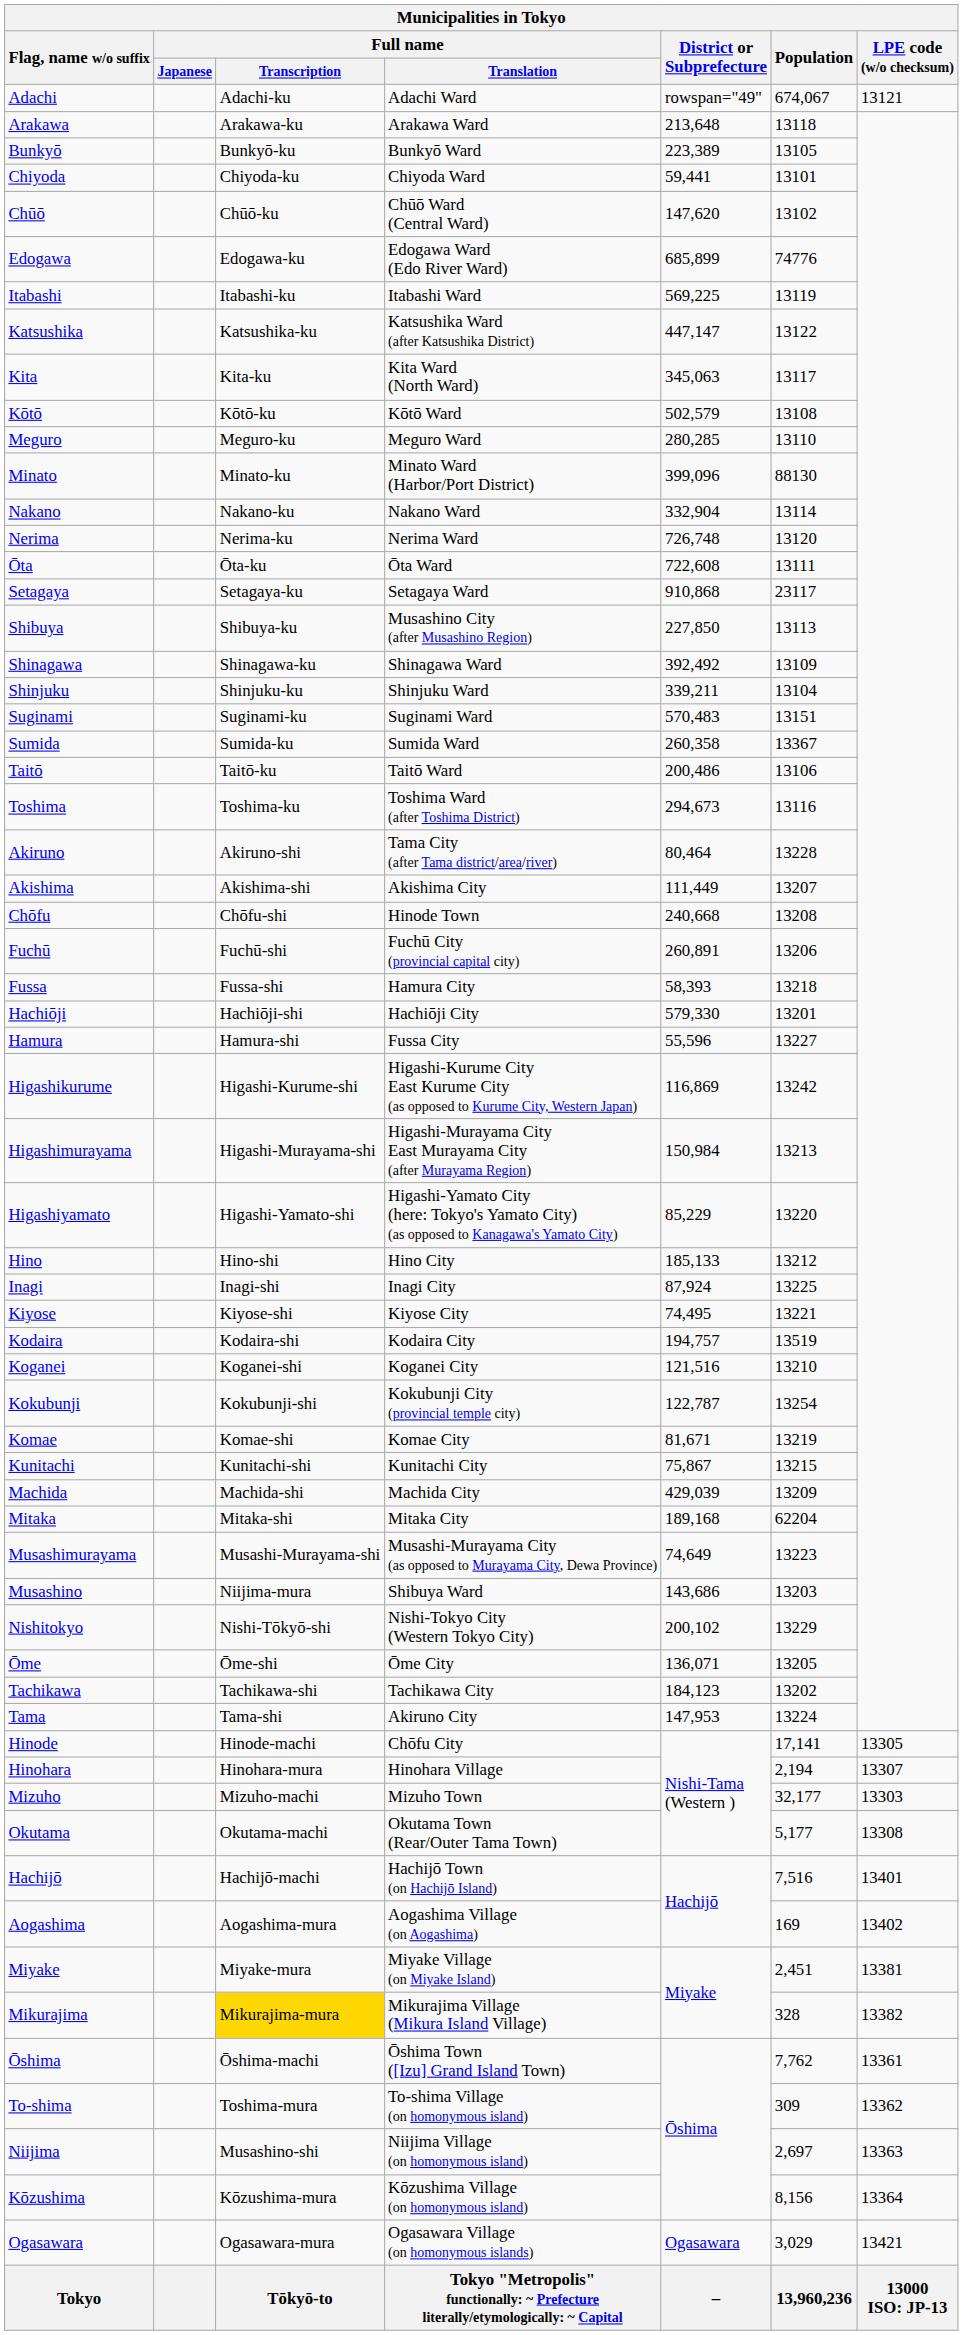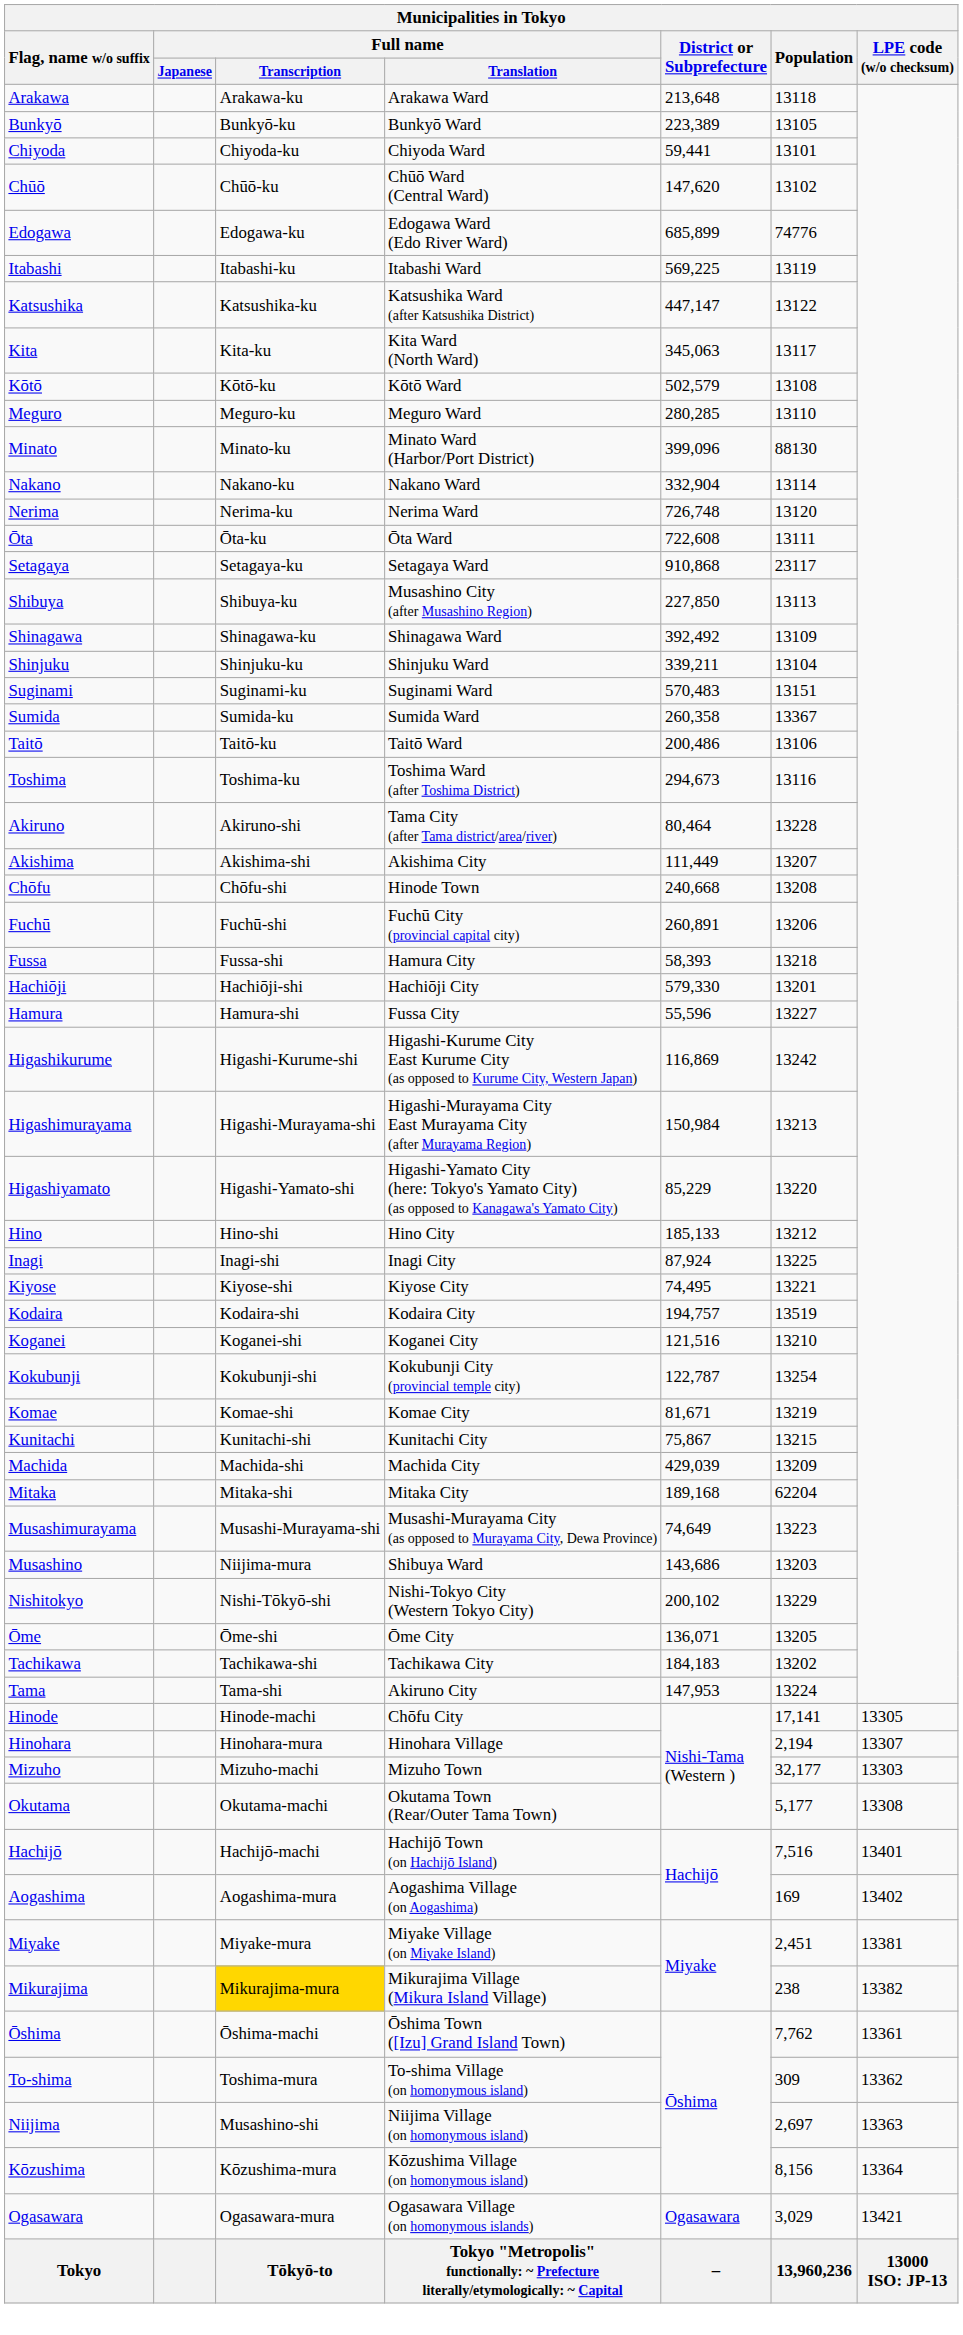 <table class="wikitable sortable mw-collapsible mw-collapsed">
 <tr>
 <th colspan="7">Municipalities in Tokyo</th>
 </tr>
 <tr>
 <th rowspan="2">Flag, name <small>w/o suffix</small></th>
 <th colspan="3">Full name</th>
 <th rowspan="2"><a href='#'>District</a> or<br><a href='#'>Subprefecture</a></th>
 <th rowspan="2">Population</th>
 <th rowspan="2"><a href='#'>LPE</a> code<br><small>(w/o checksum)</small></th>
 </tr>
 <tr>
 <th><small><a href='#'>Japanese</a></small></th>
 <th><small><a href='#'>Transcription</a></small></th>
 <th><small><a href='#'>Translation</a></small></th>
-</tr>
-<tr>
-<td> <a href='#'>Adachi</a></td>
-<td></td>
-<td>Adachi-ku</td>
-<td>Adachi Ward</td>
-<td>rowspan="49" </td>
-<td>674,067</td>
-<td>13121</td>
 </tr>
 <tr>
 <td> <a href='#'>Arakawa</a></td>
 <td></td>
 <td>Arakawa-ku</td>
 <td>Arakawa Ward</td>
 <td>213,648</td>
 <td>13118</td>
 </tr>
 <tr>
 <td> <a href='#'>Bunkyō</a></td>
 <td></td>
 <td>Bunkyō-ku</td>
 <td>Bunkyō Ward</td>
 <td>223,389</td>
 <td>13105</td>
 </tr>
 <tr>
 <td> <a href='#'>Chiyoda</a></td>
 <td></td>
 <td>Chiyoda-ku</td>
 <td>Chiyoda Ward</td>
 <td>59,441</td>
 <td>13101</td>
 </tr>
 <tr>
 <td> <a href='#'>Chūō</a></td>
 <td></td>
 <td>Chūō-ku</td>
 <td>Chūō Ward<br>(Central Ward)</td>
 <td>147,620</td>
 <td>13102</td>
 </tr>
 <tr>
 <td> <a href='#'>Edogawa</a></td>
 <td></td>
 <td>Edogawa-ku</td>
 <td>Edogawa Ward<br>(Edo River Ward)</td>
 <td>685,899</td>
 <td>74776</td>
 </tr>
 <tr>
 <td> <a href='#'>Itabashi</a></td>
 <td></td>
 <td>Itabashi-ku</td>
 <td>Itabashi Ward</td>
 <td>569,225</td>
 <td>13119</td>
 </tr>
 <tr>
 <td> <a href='#'>Katsushika</a></td>
 <td></td>
 <td>Katsushika-ku</td>
 <td>Katsushika Ward<br><small>(after Katsushika District)</small></td>
 <td>447,147</td>
 <td>13122</td>
 </tr>
 <tr>
 <td> <a href='#'>Kita</a></td>
 <td></td>
 <td>Kita-ku</td>
 <td>Kita Ward<br>(North Ward)</td>
 <td>345,063</td>
 <td>13117</td>
 </tr>
 <tr>
 <td> <a href='#'>Kōtō</a></td>
 <td></td>
 <td>Kōtō-ku</td>
 <td>Kōtō Ward</td>
 <td>502,579</td>
 <td>13108</td>
 </tr>
 <tr>
 <td> <a href='#'>Meguro</a></td>
 <td></td>
 <td>Meguro-ku</td>
 <td>Meguro Ward</td>
 <td>280,285</td>
 <td>13110</td>
 </tr>
 <tr>
 <td> <a href='#'>Minato</a></td>
 <td></td>
 <td>Minato-ku</td>
 <td>Minato Ward<br>(Harbor/Port District)</td>
 <td>399,096</td>
 <td>88130</td>
 </tr>
 <tr>
 <td> <a href='#'>Nakano</a></td>
 <td></td>
 <td>Nakano-ku</td>
 <td>Nakano Ward</td>
 <td>332,904</td>
 <td>13114</td>
 </tr>
 <tr>
 <td> <a href='#'>Nerima</a></td>
 <td></td>
 <td>Nerima-ku</td>
 <td>Nerima Ward</td>
 <td>726,748</td>
 <td>13120</td>
 </tr>
 <tr>
 <td> <a href='#'>Ōta</a></td>
 <td></td>
 <td>Ōta-ku</td>
 <td>Ōta Ward</td>
 <td>722,608</td>
 <td>13111</td>
 </tr>
 <tr>
 <td> <a href='#'>Setagaya</a></td>
 <td></td>
 <td>Setagaya-ku</td>
 <td>Setagaya Ward</td>
 <td>910,868</td>
 <td>23117</td>
 </tr>
 <tr>
 <td> <a href='#'>Shibuya</a></td>
 <td></td>
 <td>Shibuya-ku</td>
 <td>Musashino City<br><small>(after <a href='#'>Musashino Region</a>)</small></td>
 <td>227,850</td>
 <td>13113</td>
 </tr>
 <tr>
 <td> <a href='#'>Shinagawa</a></td>
 <td></td>
 <td>Shinagawa-ku</td>
 <td>Shinagawa Ward</td>
 <td>392,492</td>
 <td>13109</td>
 </tr>
 <tr>
 <td> <a href='#'>Shinjuku</a></td>
 <td></td>
 <td>Shinjuku-ku</td>
 <td>Shinjuku Ward</td>
 <td>339,211</td>
 <td>13104</td>
 </tr>
 <tr>
 <td> <a href='#'>Suginami</a></td>
 <td></td>
 <td>Suginami-ku</td>
 <td>Suginami Ward</td>
 <td>570,483</td>
 <td>13151</td>
 </tr>
 <tr>
 <td> <a href='#'>Sumida</a></td>
 <td></td>
 <td>Sumida-ku</td>
 <td>Sumida Ward</td>
 <td>260,358</td>
 <td>13367</td>
 </tr>
 <tr>
 <td> <a href='#'>Taitō</a></td>
 <td></td>
 <td>Taitō-ku</td>
 <td>Taitō Ward</td>
 <td>200,486</td>
 <td>13106</td>
 </tr>
 <tr>
 <td> <a href='#'>Toshima</a></td>
 <td></td>
 <td>Toshima-ku</td>
 <td>Toshima Ward<br><small>(after <a href='#'>Toshima District</a>)</small></td>
 <td>294,673</td>
 <td>13116</td>
 </tr>
 <tr>
 <td> <a href='#'>Akiruno</a></td>
 <td></td>
 <td>Akiruno-shi</td>
 <td>Tama City<br><small>(after <a href='#'>Tama district</a>/<a href='#'>area</a>/<a href='#'>river</a>)</small></td>
 <td>80,464</td>
 <td>13228</td>
 </tr>
 <tr>
 <td> <a href='#'>Akishima</a></td>
 <td></td>
 <td>Akishima-shi</td>
 <td>Akishima City</td>
 <td>111,449</td>
 <td>13207</td>
 </tr>
 <tr>
 <td> <a href='#'>Chōfu</a></td>
 <td></td>
 <td>Chōfu-shi</td>
 <td>Hinode Town</td>
 <td>240,668</td>
 <td>13208</td>
 </tr>
 <tr>
 <td> <a href='#'>Fuchū</a></td>
 <td></td>
 <td>Fuchū-shi</td>
 <td>Fuchū City<br><small>(<a href='#'>provincial capital</a> city)</small></td>
 <td>260,891</td>
 <td>13206</td>
 </tr>
 <tr>
 <td> <a href='#'>Fussa</a></td>
 <td></td>
 <td>Fussa-shi</td>
 <td>Hamura City</td>
 <td>58,393</td>
 <td>13218</td>
 </tr>
 <tr>
 <td> <a href='#'>Hachiōji</a></td>
 <td></td>
 <td>Hachiōji-shi</td>
 <td>Hachiōji City</td>
 <td>579,330</td>
 <td>13201</td>
 </tr>
 <tr>
 <td> <a href='#'>Hamura</a></td>
 <td></td>
 <td>Hamura-shi</td>
 <td>Fussa City</td>
 <td>55,596</td>
 <td>13227</td>
 </tr>
 <tr>
 <td> <a href='#'>Higashikurume</a></td>
 <td></td>
 <td>Higashi-Kurume-shi</td>
 <td>Higashi-Kurume City<br>East Kurume City<br><small>(as opposed to <a href='#'>Kurume City, Western Japan</a>)</small></td>
 <td>116,869</td>
 <td>13242</td>
 </tr>
 <tr>
 <td> <a href='#'>Higashimurayama</a></td>
 <td></td>
 <td>Higashi-Murayama-shi</td>
 <td>Higashi-Murayama City<br>East Murayama City<br><small>(after <a href='#'>Murayama Region</a>)</small></td>
 <td>150,984</td>
 <td>13213</td>
 </tr>
 <tr>
 <td> <a href='#'>Higashiyamato</a></td>
 <td></td>
 <td>Higashi-Yamato-shi</td>
 <td>Higashi-Yamato City<br>(here: Tokyo's Yamato City)<br><small>(as opposed to <a href='#'>Kanagawa's Yamato City</a>)</small></td>
 <td>85,229</td>
 <td>13220</td>
 </tr>
 <tr>
 <td> <a href='#'>Hino</a></td>
 <td></td>
 <td>Hino-shi</td>
 <td>Hino City</td>
 <td>185,133</td>
 <td>13212</td>
 </tr>
 <tr>
 <td> <a href='#'>Inagi</a></td>
 <td></td>
 <td>Inagi-shi</td>
 <td>Inagi City</td>
 <td>87,924</td>
 <td>13225</td>
 </tr>
 <tr>
 <td> <a href='#'>Kiyose</a></td>
 <td></td>
 <td>Kiyose-shi</td>
 <td>Kiyose City</td>
 <td>74,495</td>
 <td>13221</td>
 </tr>
 <tr>
 <td> <a href='#'>Kodaira</a></td>
 <td></td>
 <td>Kodaira-shi</td>
 <td>Kodaira City</td>
 <td>194,757</td>
 <td>13519</td>
 </tr>
 <tr>
 <td> <a href='#'>Koganei</a></td>
 <td></td>
 <td>Koganei-shi</td>
 <td>Koganei City</td>
 <td>121,516</td>
 <td>13210</td>
 </tr>
 <tr>
 <td> <a href='#'>Kokubunji</a></td>
 <td></td>
 <td>Kokubunji-shi</td>
 <td>Kokubunji City<br><small>(<a href='#'>provincial temple</a> city)</small></td>
 <td>122,787</td>
 <td>13254</td>
 </tr>
 <tr>
 <td> <a href='#'>Komae</a></td>
 <td></td>
 <td>Komae-shi</td>
 <td>Komae City</td>
 <td>81,671</td>
 <td>13219</td>
 </tr>
 <tr>
 <td> <a href='#'>Kunitachi</a></td>
 <td></td>
 <td>Kunitachi-shi</td>
 <td>Kunitachi City</td>
 <td>75,867</td>
 <td>13215</td>
 </tr>
 <tr>
 <td> <a href='#'>Machida</a></td>
 <td></td>
 <td>Machida-shi</td>
 <td>Machida City</td>
 <td>429,039</td>
 <td>13209</td>
 </tr>
 <tr>
 <td> <a href='#'>Mitaka</a></td>
 <td></td>
 <td>Mitaka-shi</td>
 <td>Mitaka City</td>
 <td>189,168</td>
 <td>62204</td>
 </tr>
 <tr>
 <td> <a href='#'>Musashimurayama</a></td>
 <td></td>
 <td>Musashi-Murayama-shi</td>
 <td>Musashi-Murayama City<br><small>(as opposed to <a href='#'>Murayama City</a>, Dewa Province)</small></td>
 <td>74,649</td>
 <td>13223</td>
 </tr>
 <tr>
 <td> <a href='#'>Musashino</a></td>
 <td></td>
 <td>Niijima-mura</td>
 <td>Shibuya Ward</td>
 <td>143,686</td>
 <td>13203</td>
 </tr>
 <tr>
 <td> <a href='#'>Nishitokyo</a></td>
 <td></td>
 <td>Nishi-Tōkyō-shi</td>
 <td>Nishi-Tokyo City<br>(Western Tokyo City)</td>
 <td>200,102</td>
 <td>13229</td>
 </tr>
 <tr>
 <td> <a href='#'>Ōme</a></td>
 <td></td>
 <td>Ōme-shi</td>
 <td>Ōme City</td>
 <td>136,071</td>
 <td>13205</td>
 </tr>
 <tr>
 <td> <a href='#'>Tachikawa</a></td>
 <td></td>
 <td>Tachikawa-shi</td>
 <td>Tachikawa City</td>
-<td>184,123</td>
+<td>184,183</td>
 <td>13202</td>
 </tr>
 <tr>
 <td> <a href='#'>Tama</a></td>
 <td></td>
 <td>Tama-shi</td>
 <td>Akiruno City</td>
 <td>147,953</td>
 <td>13224</td>
 </tr>
 <tr>
 <td> <a href='#'>Hinode</a></td>
 <td></td>
 <td>Hinode-machi</td>
 <td>Chōfu City</td>
 <td rowspan="4"><a href='#'>Nishi-Tama</a><br>(Western )</td>
 <td>17,141</td>
 <td>13305</td>
 </tr>
 <tr>
 <td> <a href='#'>Hinohara</a></td>
 <td></td>
 <td>Hinohara-mura</td>
 <td>Hinohara Village</td>
 <td>2,194</td>
 <td>13307</td>
 </tr>
 <tr>
 <td> <a href='#'>Mizuho</a></td>
 <td></td>
 <td>Mizuho-machi</td>
 <td>Mizuho Town</td>
 <td>32,177</td>
 <td>13303</td>
 </tr>
 <tr>
 <td> <a href='#'>Okutama</a></td>
 <td></td>
 <td>Okutama-machi</td>
 <td>Okutama Town<br>(Rear/Outer Tama Town)</td>
 <td>5,177</td>
 <td>13308</td>
 </tr>
 <tr>
 <td> <a href='#'>Hachijō</a></td>
 <td></td>
 <td>Hachijō-machi</td>
 <td>Hachijō Town<br><small>(on <a href='#'>Hachijō Island</a>)</small></td>
 <td rowspan="2"><a href='#'>Hachijō</a></td>
 <td>7,516</td>
 <td>13401</td>
 </tr>
 <tr>
 <td> <a href='#'>Aogashima</a></td>
 <td></td>
 <td>Aogashima-mura</td>
 <td>Aogashima Village<br><small>(on <a href='#'>Aogashima</a>)</small></td>
 <td>169</td>
 <td>13402</td>
 </tr>
 <tr>
 <td> <a href='#'>Miyake</a></td>
 <td></td>
 <td>Miyake-mura</td>
 <td>Miyake Village<br><small>(on <a href='#'>Miyake Island</a>)</small></td>
 <td rowspan="2"><a href='#'>Miyake</a></td>
 <td>2,451</td>
 <td>13381</td>
 </tr>
 <tr>
 <td> <a href='#'>Mikurajima</a></td>
 <td></td>
 <td style="background: gold;">Mikurajima-mura</td>
 <td>Mikurajima Village<br>(<a href='#'>Mikura Island</a> Village)</td>
-<td>328</td>
+<td>238</td>
 <td>13382</td>
 </tr>
 <tr>
 <td> <a href='#'>Ōshima</a></td>
 <td></td>
 <td>Ōshima-machi</td>
 <td>Ōshima Town<br>(<a href='#'>[Izu] Grand Island</a> Town)</td>
 <td rowspan="4"><a href='#'>Ōshima</a></td>
 <td>7,762</td>
 <td>13361</td>
 </tr>
 <tr>
 <td> <a href='#'>To-shima</a></td>
 <td></td>
 <td>Toshima-mura</td>
 <td>To-shima Village<br><small>(on <a href='#'>homonymous island</a>)</small></td>
 <td>309</td>
 <td>13362</td>
 </tr>
 <tr>
 <td> <a href='#'>Niijima</a></td>
 <td></td>
 <td>Musashino-shi</td>
 <td>Niijima Village<br><small>(on <a href='#'>homonymous island</a>)</small></td>
 <td>2,697</td>
 <td>13363</td>
 </tr>
 <tr>
 <td> <a href='#'>Kōzushima</a></td>
 <td></td>
 <td>Kōzushima-mura</td>
 <td>Kōzushima Village<br><small>(on <a href='#'>homonymous island</a>)</small></td>
 <td>8,156</td>
 <td>13364</td>
 </tr>
 <tr>
 <td> <a href='#'>Ogasawara</a></td>
 <td></td>
 <td>Ogasawara-mura</td>
 <td>Ogasawara Village<br><small>(on <a href='#'>homonymous islands</a>)</small></td>
 <td><a href='#'>Ogasawara</a></td>
 <td>3,029</td>
 <td>13421</td>
 </tr>
 <tr>
 <th> Tokyo</th>
 <th></th>
 <th>Tōkyō-to</th>
 <th>Tokyo "Metropolis"<br><small>functionally: ~ <a href='#'>Prefecture</a><br>literally/etymologically: ~ <a href='#'>Capital</a></small></th>
 <th>–</th>
 <th>13,960,236</th>
 <th>13000<br>ISO: JP-13</th>
 </tr>
 </table>
